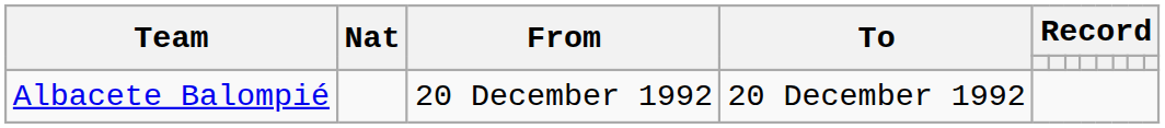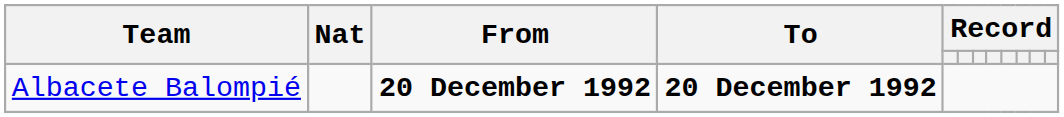 <table class="wikitable" style="text-align: center">
 <tr>
 <th rowspan="2">Team</th>
 <th rowspan="2">Nat</th>
 <th rowspan="2">From</th>
 <th rowspan="2">To</th>
 <th colspan="8">Record</th>
 </tr>
 <tr>
 <th></th>
 <th></th>
 <th></th>
 <th></th>
 <th></th>
 <th></th>
 <th></th>
 <th></th>
 </tr>
 <tr>
 <td align="left"><a href='#'>Albacete Balompié</a></td>
 <td></td>
-<td align=left>20 December 1992</td>
-<td align=left>20 December 1992<br></td>
+<td align=left><strong>20 December 1992</strong></td>
+<td align=left><strong>20 December 1992<br></strong></td>
 </tr>
 </table>
